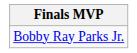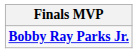 <table class="wikitable" style="text-align: center; margin: 0 auto;">
 <tr>
 <th>Finals MVP</th>
 </tr>
 <tr>
-<td><a href='#'>Bobby Ray Parks Jr.</a></td>
+<td><strong><a href='#'>Bobby Ray Parks Jr.</a></strong></td>
 </tr>
 </table>
